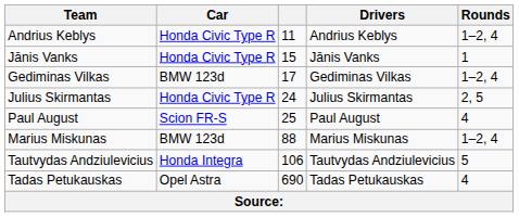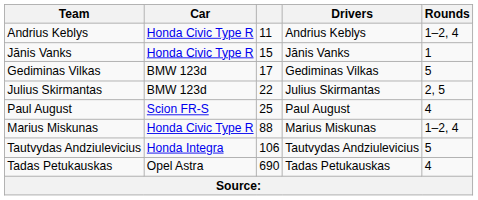 <table class="wikitable" style="font-size: 85%">
 <tr>
 <th>Team</th>
 <th>Car</th>
 <th></th>
 <th>Drivers</th>
 <th>Rounds</th>
 </tr>
 <tr>
 <td> Andrius Keblys</td>
 <td><a href='#'>Honda Civic Type R</a></td>
 <td>11</td>
 <td> Andrius Keblys</td>
 <td>1–2, 4</td>
 </tr>
 <tr>
 <td> Jānis Vanks</td>
 <td><a href='#'>Honda Civic Type R</a></td>
 <td>15</td>
 <td> Jānis Vanks</td>
 <td>1</td>
 </tr>
 <tr>
 <td> Gediminas Vilkas</td>
 <td>BMW 123d</td>
 <td>17</td>
 <td> Gediminas Vilkas</td>
-<td>1–2, 4</td>
+<td>5</td>
 </tr>
 <tr>
 <td> Julius Skirmantas</td>
-<td><a href='#'>Honda Civic Type R</a></td>
-<td>24</td>
+<td>BMW 123d</td>
+<td>22</td>
 <td> Julius Skirmantas</td>
 <td>2, 5</td>
 </tr>
 <tr>
 <td> Paul August</td>
 <td><a href='#'>Scion FR-S</a></td>
 <td>25</td>
 <td> Paul August</td>
 <td>4</td>
 </tr>
 <tr>
 <td> Marius Miskunas</td>
-<td>BMW 123d</td>
+<td><a href='#'>Honda Civic Type R</a></td>
 <td>88</td>
 <td> Marius Miskunas</td>
 <td>1–2, 4</td>
 </tr>
 <tr>
 <td> Tautvydas Andziulevicius</td>
 <td><a href='#'>Honda Integra</a></td>
 <td>106</td>
 <td> Tautvydas Andziulevicius</td>
 <td>5</td>
 </tr>
 <tr>
 <td> Tadas Petukauskas</td>
 <td>Opel Astra</td>
 <td>690</td>
 <td> Tadas Petukauskas</td>
 <td>4</td>
 </tr>
 <tr>
 <th colspan=5>Source:</th>
 </tr>
 </table>
